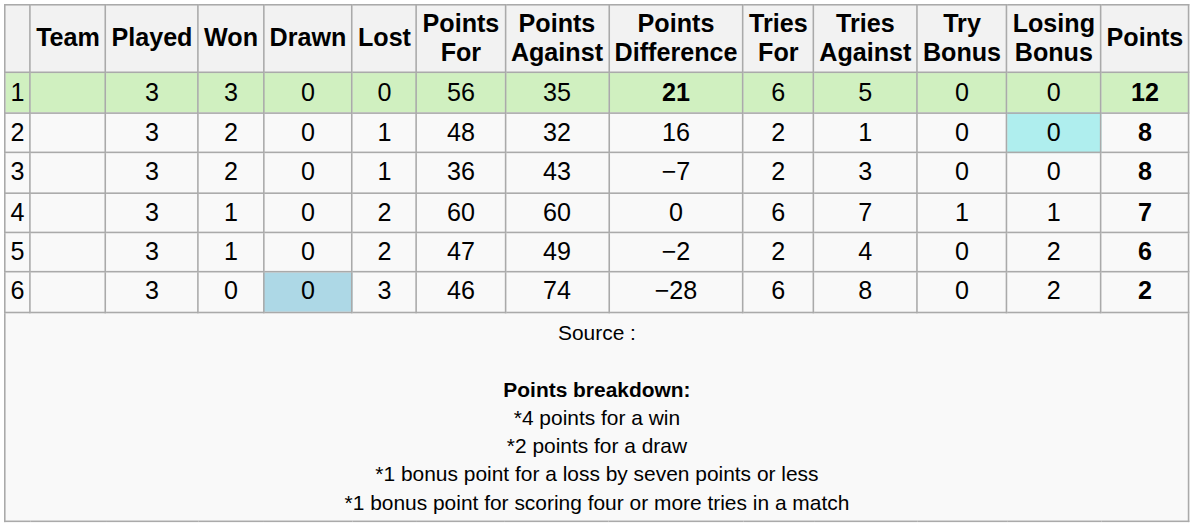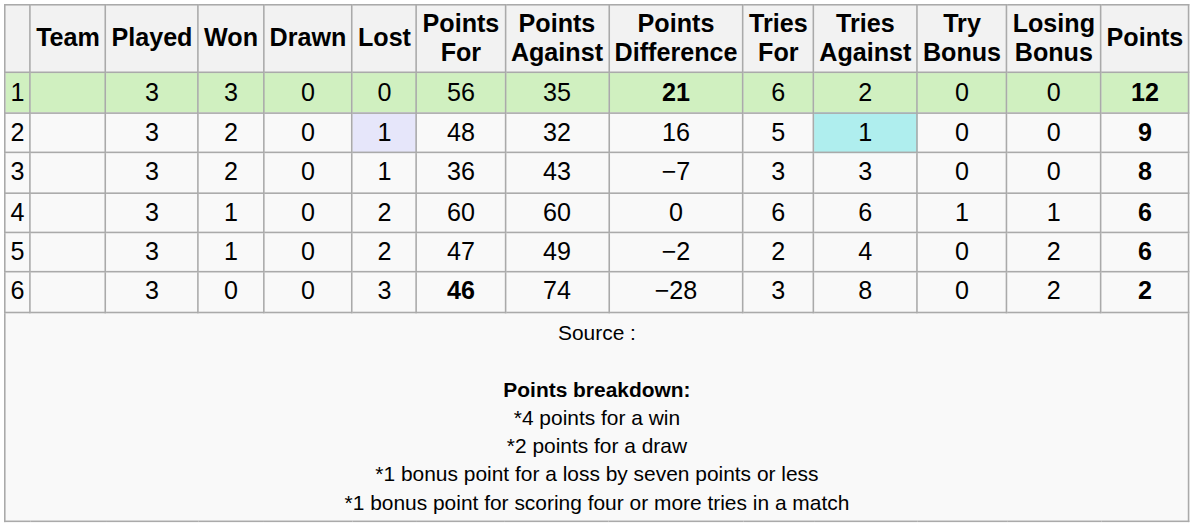 <table class="wikitable" style="text-align:center">
 <tr>
 <th width="20"></th>
 <th width="195">Team</th>
 <th width="20">Played</th>
 <th width="20">Won</th>
 <th width="20">Drawn</th>
 <th width="20">Lost</th>
 <th width="20">Points For</th>
 <th width="20">Points Against</th>
 <th width="20">Points Difference</th>
 <th width="20">Tries For</th>
 <th width="20">Tries Against</th>
 <th width="20">Try Bonus</th>
 <th width="20">Losing Bonus</th>
 <th width="20">Points<br></th>
 </tr>
 <tr bgcolor=#D0F0C0>
 <td>1</td>
 <td align=left></td>
 <td>3</td>
 <td>3</td>
 <td>0</td>
 <td>0</td>
 <td>56</td>
 <td>35</td>
 <td><strong>21</strong></td>
 <td>6</td>
-<td>5</td>
+<td>2</td>
 <td>0</td>
 <td>0</td>
 <td><strong>12</strong></td>
 </tr>
 <tr>
 <td>2</td>
 <td align=left></td>
 <td>3</td>
 <td>2</td>
 <td>0</td>
-<td>1</td>
+<td style="background: lavender;">1</td>
 <td>48</td>
 <td>32</td>
 <td>16</td>
-<td>2</td>
-<td>1</td>
+<td>5</td>
+<td style="background: paleturquoise;">1</td>
 <td>0</td>
-<td style="background: paleturquoise;">0</td>
-<td><strong>8</strong></td>
+<td>0</td>
+<td><strong>9</strong></td>
 </tr>
 <tr>
 <td>3</td>
 <td align=left></td>
 <td>3</td>
 <td>2</td>
 <td>0</td>
 <td>1</td>
 <td>36</td>
 <td>43</td>
 <td>−7</td>
-<td>2</td>
+<td>3</td>
 <td>3</td>
 <td>0</td>
 <td>0</td>
 <td><strong>8</strong></td>
 </tr>
 <tr>
 <td>4</td>
 <td align=left></td>
 <td>3</td>
 <td>1</td>
 <td>0</td>
 <td>2</td>
 <td>60</td>
 <td>60</td>
 <td>0</td>
 <td>6</td>
-<td>7</td>
+<td>6</td>
 <td>1</td>
 <td>1</td>
-<td><strong>7</strong></td>
+<td><strong>6</strong></td>
 </tr>
 <tr>
 <td>5</td>
 <td align=left></td>
 <td>3</td>
 <td>1</td>
 <td>0</td>
 <td>2</td>
 <td>47</td>
 <td>49</td>
 <td>−2</td>
 <td>2</td>
 <td>4</td>
 <td>0</td>
 <td>2</td>
 <td><strong>6</strong></td>
 </tr>
 <tr>
 <td>6</td>
 <td align=left></td>
 <td>3</td>
 <td>0</td>
-<td style="background: lightblue;">0</td>
+<td>0</td>
 <td>3</td>
-<td>46</td>
+<td><strong>46</strong></td>
 <td>74</td>
 <td>−28</td>
-<td>6</td>
+<td>3</td>
 <td>8</td>
 <td>0</td>
 <td>2</td>
 <td><strong>2</strong></td>
 </tr>
 <tr>
 <td colspan="14" style="border:0px"><small>Source : <br><br><strong>Points breakdown:</strong><br>*4 points for a win<br>*2 points for a draw<br>*1 bonus point for a loss by seven points or less<br>*1 bonus point for scoring four or more tries in a match</small></td>
 </tr>
 </table>
